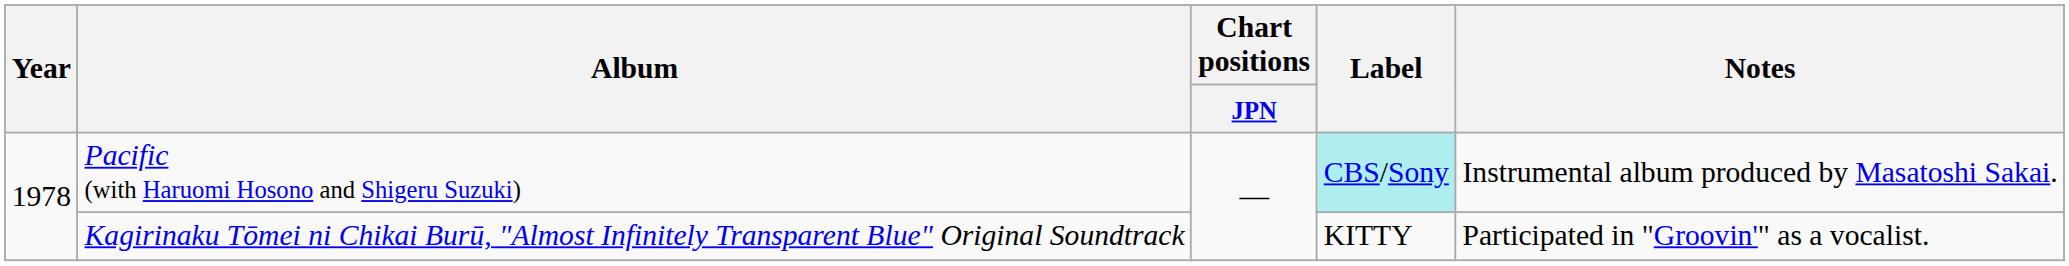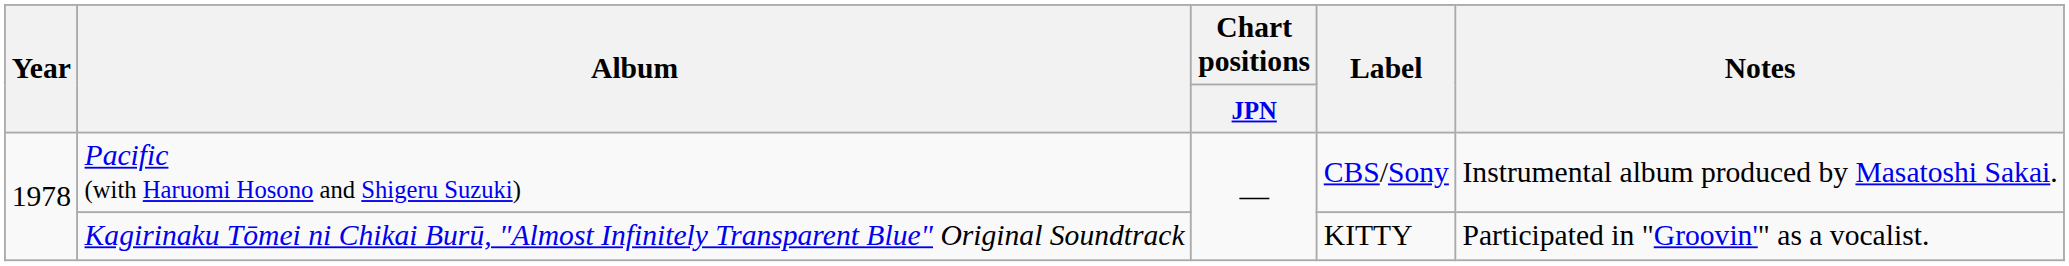 <table class="wikitable">
 <tr>
 <th rowspan="2">Year</th>
 <th rowspan="2">Album</th>
 <th>Chart<br>positions</th>
 <th rowspan="2">Label</th>
 <th rowspan="2">Notes</th>
 </tr>
 <tr>
 <th><small><a href='#'>JPN</a></small><br></th>
 </tr>
 <tr>
 <td rowspan="2">1978</td>
 <td><em><a href='#'>Pacific</a></em><br><small>(with <a href='#'>Haruomi Hosono</a> and <a href='#'>Shigeru Suzuki</a>)</small></td>
 <td rowspan="2" align="center">—</td>
-<td align="center" style="background: paleturquoise;"><a href='#'>CBS</a>/<a href='#'>Sony</a></td>
+<td align="center"><a href='#'>CBS</a>/<a href='#'>Sony</a></td>
 <td>Instrumental album produced by <a href='#'>Masatoshi Sakai</a>.</td>
 </tr>
 <tr>
 <td><em><a href='#'>Kagirinaku Tōmei ni Chikai Burū, "Almost Infinitely Transparent Blue"</a> Original Soundtrack</em></td>
 <td>KITTY</td>
 <td>Participated in "<a href='#'>Groovin'</a>" as a vocalist.</td>
 </tr>
 </table>
